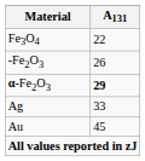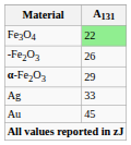 <table class="wikitable" align="center" cellpadding="2" style="border: 1px solid darkgray;">
 <tr border="0">
 </tr>
 <tr>
 <th>Material</th>
 <th>A<sub>131</sub></th>
 </tr>
 <tr>
 <td>Fe<sub>3</sub>O<sub>4</sub></td>
-<td>22</td>
+<td style="background: lightgreen;">22</td>
 </tr>
 <tr>
 <td>-Fe<sub>2</sub>O<sub>3</sub></td>
 <td>26</td>
 </tr>
 <tr>
 <td><strong>α</strong>-Fe<sub>2</sub>O<sub>3</sub></td>
-<td><strong>29</strong></td>
+<td>29</td>
 </tr>
 <tr>
 <td>Ag</td>
 <td>33</td>
 </tr>
 <tr>
 <td>Au</td>
 <td>45</td>
 </tr>
 <tr>
 <td colspan="2" style="text-align:center;"><strong>All values reported in zJ </strong><strong></strong></td>
 </tr>
 </table>
